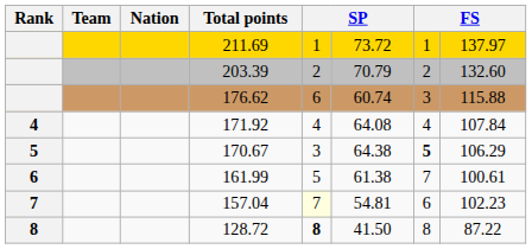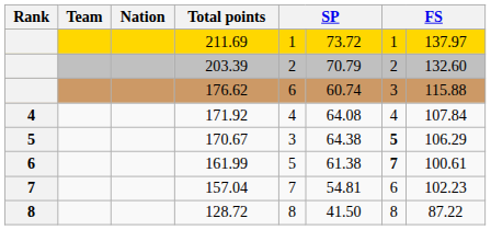 <table class="wikitable sortable" style="text-align:center;" width="80%">
 <tr>
 <th scope="col">Rank</th>
 <th scope="col">Team</th>
 <th scope="col">Nation</th>
 <th scope="col">Total points</th>
 <th scope="col" colspan="2" width="80px"><a href='#'>SP</a></th>
 <th scope="col" colspan="2" width="80px"><a href='#'>FS</a></th>
 </tr>
 <tr bgcolor="gold">
 <th scope="row"></th>
 <td align="left"></td>
 <td align="left"></td>
 <td>211.69</td>
 <td>1</td>
 <td>73.72</td>
 <td>1</td>
 <td>137.97</td>
 </tr>
 <tr bgcolor="silver">
 <th scope="row"></th>
 <td align="left"></td>
 <td align="left"></td>
 <td>203.39</td>
 <td>2</td>
 <td>70.79</td>
 <td>2</td>
 <td>132.60</td>
 </tr>
 <tr bgcolor="cc9966">
 <th scope="row"></th>
 <td align="left"></td>
 <td align="left"></td>
 <td>176.62</td>
 <td>6</td>
 <td>60.74</td>
 <td>3</td>
 <td>115.88</td>
 </tr>
 <tr>
 <th scope="row">4</th>
 <td align="left"></td>
 <td align="left"></td>
 <td>171.92</td>
 <td>4</td>
 <td>64.08</td>
 <td>4</td>
 <td>107.84</td>
 </tr>
 <tr>
 <th scope="row">5</th>
 <td align="left"></td>
 <td align="left"></td>
 <td>170.67</td>
 <td>3</td>
 <td>64.38</td>
 <td><strong>5</strong></td>
 <td>106.29</td>
 </tr>
 <tr>
 <th scope="row">6</th>
 <td align="left"></td>
 <td align="left"></td>
 <td>161.99</td>
 <td>5</td>
 <td>61.38</td>
-<td>7</td>
+<td><strong>7</strong></td>
 <td>100.61</td>
 </tr>
 <tr>
 <th scope="row">7</th>
 <td align="left"></td>
 <td align="left"></td>
 <td>157.04</td>
-<td style="background: lightyellow;">7</td>
+<td>7</td>
 <td>54.81</td>
 <td>6</td>
 <td>102.23</td>
 </tr>
 <tr>
 <th scope="row">8</th>
 <td align="left"></td>
 <td align="left"></td>
 <td>128.72</td>
-<td><strong>8</strong></td>
+<td>8</td>
 <td>41.50</td>
 <td>8</td>
 <td>87.22</td>
 </tr>
 </table>
